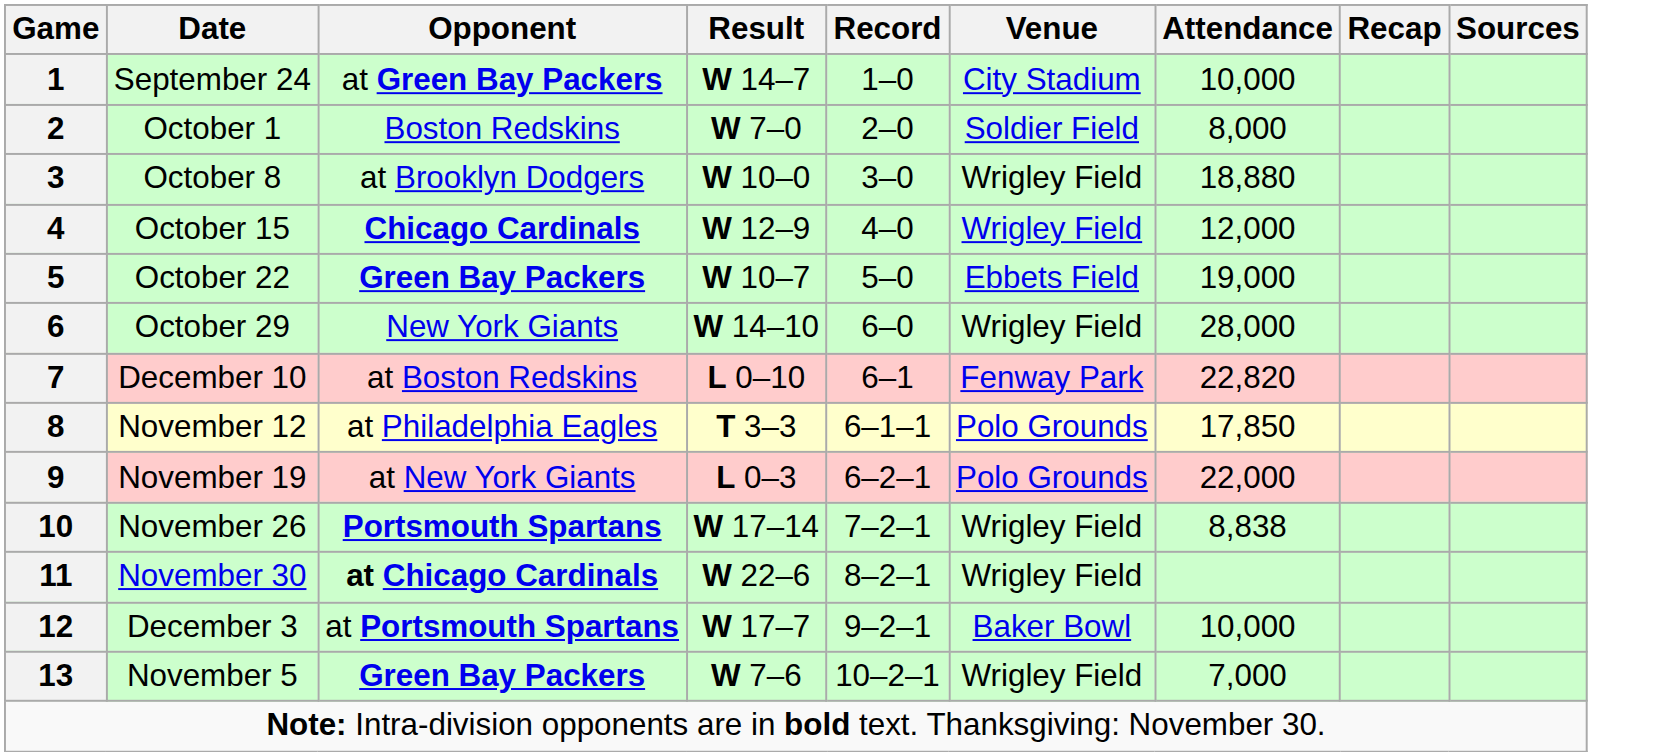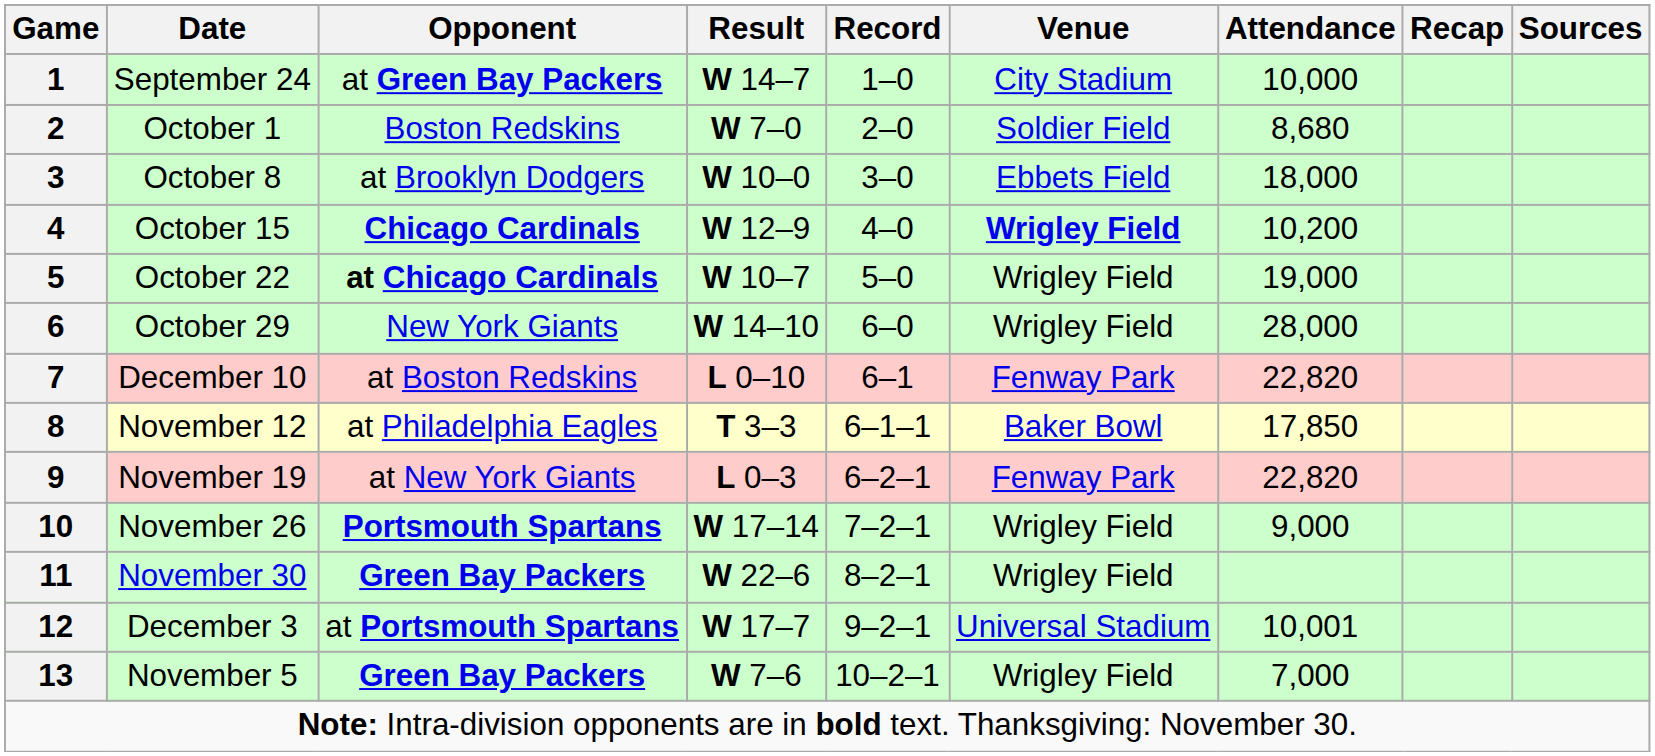 <table class="wikitable" style="text-align:center">
 <tr>
 <th>Game</th>
 <th>Date</th>
 <th>Opponent</th>
 <th>Result</th>
 <th>Record</th>
 <th>Venue</th>
 <th>Attendance</th>
 <th>Recap</th>
 <th>Sources</th>
 </tr>
 <tr style="background: #cfc;">
 <th>1</th>
 <td>September 24</td>
 <td>at <strong><a href='#'>Green Bay Packers</a></strong></td>
 <td><strong>W</strong> 14–7</td>
 <td>1–0</td>
 <td><a href='#'>City Stadium</a></td>
 <td>10,000</td>
 <td></td>
 <td></td>
 </tr>
 <tr style="background: #cfc;">
 <th>2</th>
 <td>October 1</td>
 <td><a href='#'>Boston Redskins</a></td>
 <td><strong>W</strong> 7–0</td>
 <td>2–0</td>
 <td><a href='#'>Soldier Field</a></td>
-<td>8,000</td>
+<td>8,680</td>
 <td></td>
 <td></td>
 </tr>
 <tr style="background: #cfc;">
 <th>3</th>
 <td>October 8</td>
 <td>at <a href='#'>Brooklyn Dodgers</a></td>
 <td><strong>W</strong> 10–0</td>
 <td>3–0</td>
-<td>Wrigley Field</td>
-<td>18,880</td>
+<td><a href='#'>Ebbets Field</a></td>
+<td>18,000</td>
 <td></td>
 <td></td>
 </tr>
 <tr style="background: #cfc;">
 <th>4</th>
 <td>October 15</td>
 <td><strong><a href='#'>Chicago Cardinals</a></strong></td>
 <td><strong>W</strong> 12–9</td>
 <td>4–0</td>
-<td><a href='#'>Wrigley Field</a></td>
-<td>12,000</td>
+<td><strong><a href='#'>Wrigley Field</a></strong></td>
+<td>10,200</td>
 <td></td>
 <td></td>
 </tr>
 <tr style="background: #cfc;">
 <th>5</th>
 <td>October 22</td>
-<td><strong><a href='#'>Green Bay Packers</a></strong></td>
+<td><strong>at <a href='#'>Chicago Cardinals</a></strong></td>
 <td><strong>W</strong> 10–7</td>
 <td>5–0</td>
-<td><a href='#'>Ebbets Field</a></td>
+<td>Wrigley Field</td>
 <td>19,000</td>
 <td></td>
 <td></td>
 </tr>
 <tr style="background: #cfc;">
 <th>6</th>
 <td>October 29</td>
 <td><a href='#'>New York Giants</a></td>
 <td><strong>W</strong> 14–10</td>
 <td>6–0</td>
 <td>Wrigley Field</td>
 <td>28,000</td>
 <td></td>
 <td></td>
 </tr>
 <tr style="background: #fcc;">
 <th>7</th>
 <td>December 10</td>
 <td>at <a href='#'>Boston Redskins</a></td>
 <td><strong>L</strong> 0–10</td>
 <td>6–1</td>
 <td><a href='#'>Fenway Park</a></td>
 <td>22,820</td>
 <td></td>
 <td></td>
 </tr>
 <tr style="background: #ffc;">
 <th>8</th>
 <td>November 12</td>
 <td>at <a href='#'>Philadelphia Eagles</a></td>
 <td><strong>T</strong> 3–3</td>
 <td>6–1–1</td>
-<td><a href='#'>Polo Grounds</a></td>
+<td><a href='#'>Baker Bowl</a></td>
 <td>17,850</td>
 <td></td>
 <td></td>
 </tr>
 <tr style="background: #fcc;">
 <th>9</th>
 <td>November 19</td>
 <td>at <a href='#'>New York Giants</a></td>
 <td><strong>L</strong> 0–3</td>
 <td>6–2–1</td>
-<td><a href='#'>Polo Grounds</a></td>
-<td>22,000</td>
+<td><a href='#'>Fenway Park</a></td>
+<td>22,820</td>
 <td></td>
 <td></td>
 </tr>
 <tr style="background: #cfc;">
 <th>10</th>
 <td>November 26</td>
 <td><strong><a href='#'>Portsmouth Spartans</a></strong></td>
 <td><strong>W</strong> 17–14</td>
 <td>7–2–1</td>
 <td>Wrigley Field</td>
-<td>8,838</td>
+<td>9,000</td>
 <td></td>
 <td></td>
 </tr>
 <tr style="background: #cfc;">
 <th>11</th>
 <td><a href='#'>November 30</a></td>
-<td><strong>at <a href='#'>Chicago Cardinals</a></strong></td>
+<td><strong><a href='#'>Green Bay Packers</a></strong></td>
 <td><strong>W</strong> 22–6</td>
 <td>8–2–1</td>
 <td>Wrigley Field</td>
 <td></td>
 <td></td>
 <td></td>
 </tr>
 <tr style="background: #cfc;">
 <th>12</th>
 <td>December 3</td>
 <td>at <strong><a href='#'>Portsmouth Spartans</a></strong></td>
 <td><strong>W</strong> 17–7</td>
 <td>9–2–1</td>
-<td><a href='#'>Baker Bowl</a></td>
-<td>10,000</td>
+<td><a href='#'>Universal Stadium</a></td>
+<td>10,001</td>
 <td></td>
 <td></td>
 </tr>
 <tr style="background: #cfc;">
 <th>13</th>
 <td>November 5</td>
 <td><strong><a href='#'>Green Bay Packers</a></strong></td>
 <td><strong>W</strong> 7–6</td>
 <td>10–2–1</td>
 <td>Wrigley Field</td>
 <td>7,000</td>
 <td></td>
 <td></td>
 </tr>
 <tr>
 <td colspan="10"><strong>Note:</strong> Intra-division opponents are in <strong>bold</strong> text. Thanksgiving: November 30.</td>
 </tr>
 </table>
